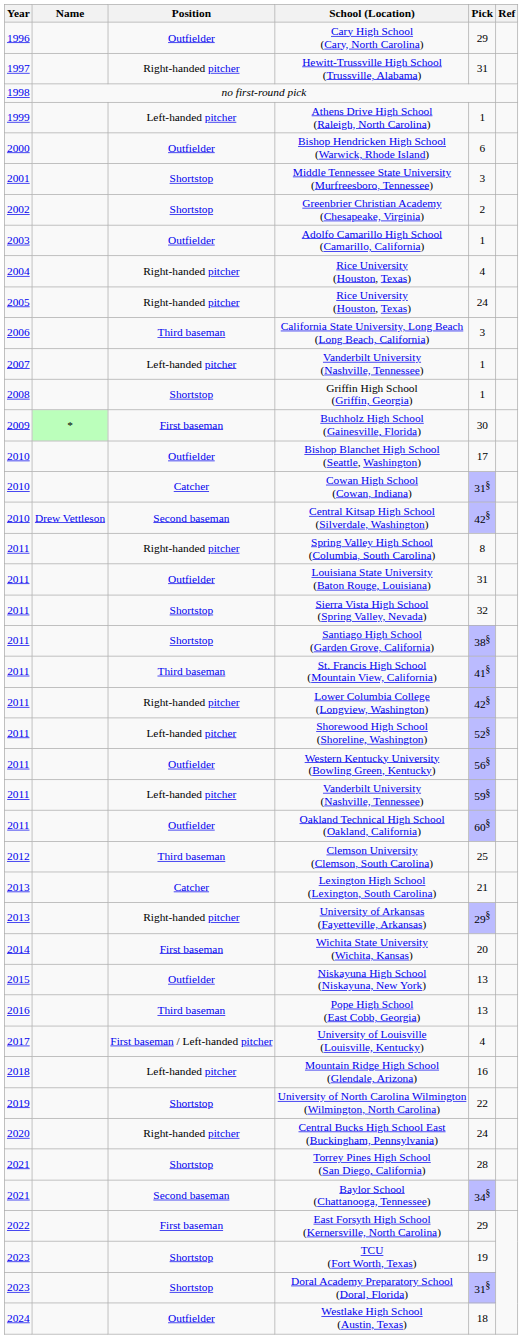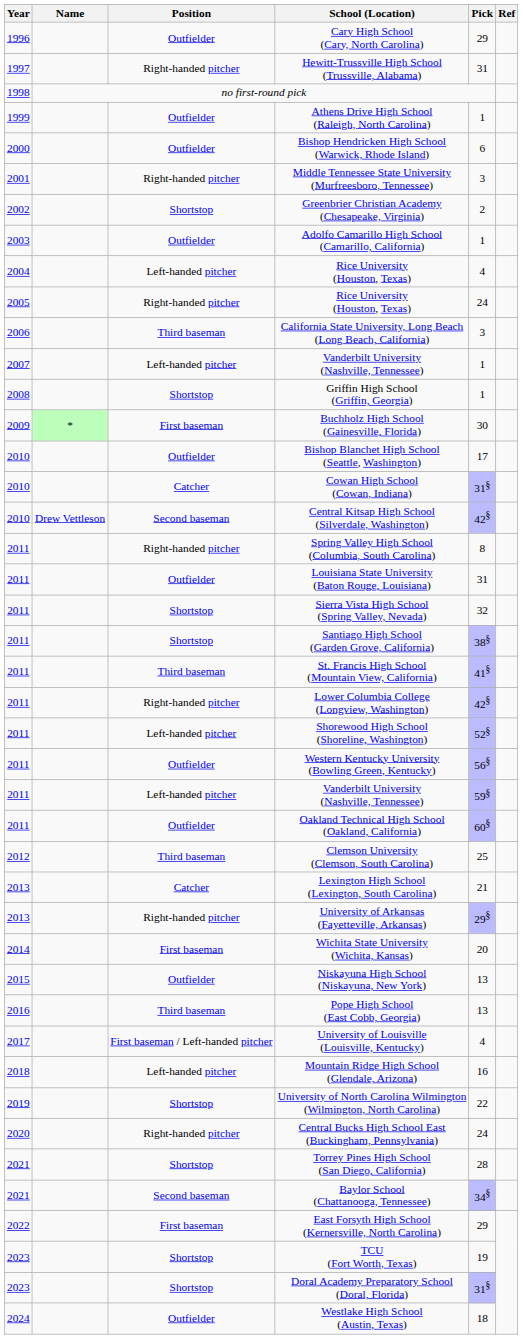 <table class="wikitable sortable" style="text-align:center;" border="1">
 <tr>
 <th>Year</th>
 <th>Name</th>
 <th>Position</th>
 <th class="unsortable">School (Location)</th>
 <th>Pick</th>
 <th class="unsortable">Ref</th>
 </tr>
 <tr>
 <td><a href='#'>1996</a></td>
 <td></td>
 <td><a href='#'>Outfielder</a></td>
 <td><a href='#'>Cary High School</a><br>(<a href='#'>Cary, North Carolina</a>)</td>
 <td>29</td>
 <td></td>
 </tr>
 <tr>
 <td><a href='#'>1997</a></td>
 <td></td>
 <td>Right-handed <a href='#'>pitcher</a></td>
 <td><a href='#'>Hewitt-Trussville High School</a><br>(<a href='#'>Trussville, Alabama</a>)</td>
 <td>31</td>
 <td></td>
 </tr>
 <tr>
 <td><a href='#'>1998</a></td>
 <td colspan="4"><em>no first-round pick</em></td>
 <td></td>
 </tr>
 <tr>
 <td><a href='#'>1999</a></td>
 <td></td>
-<td>Left-handed <a href='#'>pitcher</a></td>
+<td><a href='#'>Outfielder</a></td>
 <td><a href='#'>Athens Drive High School</a><br>(<a href='#'>Raleigh, North Carolina</a>)</td>
 <td>1</td>
 <td></td>
 </tr>
 <tr>
 <td><a href='#'>2000</a></td>
 <td></td>
 <td><a href='#'>Outfielder</a></td>
 <td><a href='#'>Bishop Hendricken High School</a><br>(<a href='#'>Warwick, Rhode Island</a>)</td>
 <td>6</td>
 <td></td>
 </tr>
 <tr>
 <td><a href='#'>2001</a></td>
 <td></td>
-<td><a href='#'>Shortstop</a></td>
+<td>Right-handed <a href='#'>pitcher</a></td>
 <td><a href='#'>Middle Tennessee State University</a><br>(<a href='#'>Murfreesboro, Tennessee</a>)</td>
 <td>3</td>
 <td></td>
 </tr>
 <tr>
 <td><a href='#'>2002</a></td>
 <td></td>
 <td><a href='#'>Shortstop</a></td>
 <td><a href='#'>Greenbrier Christian Academy</a><br>(<a href='#'>Chesapeake, Virginia</a>)</td>
 <td>2</td>
 <td></td>
 </tr>
 <tr>
 <td><a href='#'>2003</a></td>
 <td></td>
 <td><a href='#'>Outfielder</a></td>
 <td><a href='#'>Adolfo Camarillo High School</a><br>(<a href='#'>Camarillo, California</a>)</td>
 <td>1</td>
 <td></td>
 </tr>
 <tr>
 <td><a href='#'>2004</a></td>
 <td></td>
-<td>Right-handed <a href='#'>pitcher</a></td>
+<td>Left-handed <a href='#'>pitcher</a></td>
 <td><a href='#'>Rice University</a><br>(<a href='#'>Houston</a>, <a href='#'>Texas</a>)</td>
 <td>4</td>
 <td></td>
 </tr>
 <tr>
 <td><a href='#'>2005</a></td>
 <td></td>
 <td>Right-handed <a href='#'>pitcher</a></td>
 <td><a href='#'>Rice University</a><br>(<a href='#'>Houston</a>, <a href='#'>Texas</a>)</td>
 <td>24</td>
 <td></td>
 </tr>
 <tr>
 <td><a href='#'>2006</a></td>
 <td></td>
 <td><a href='#'>Third baseman</a></td>
 <td><a href='#'>California State University, Long Beach</a><br>(<a href='#'>Long Beach, California</a>)</td>
 <td>3</td>
 <td></td>
 </tr>
 <tr>
 <td><a href='#'>2007</a></td>
 <td></td>
 <td>Left-handed <a href='#'>pitcher</a></td>
 <td><a href='#'>Vanderbilt University</a><br>(<a href='#'>Nashville, Tennessee</a>)</td>
 <td>1</td>
 <td></td>
 </tr>
 <tr>
 <td><a href='#'>2008</a></td>
 <td></td>
 <td><a href='#'>Shortstop</a></td>
 <td>Griffin High School<br>(<a href='#'>Griffin, Georgia</a>)</td>
 <td>1</td>
 <td></td>
 </tr>
 <tr>
 <td><a href='#'>2009</a></td>
 <td bgcolor="#bbffbb">*</td>
 <td><a href='#'>First baseman</a></td>
 <td><a href='#'>Buchholz High School</a><br>(<a href='#'>Gainesville, Florida</a>)</td>
 <td>30</td>
 <td></td>
 </tr>
 <tr>
 <td><a href='#'>2010</a></td>
 <td></td>
 <td><a href='#'>Outfielder</a></td>
 <td><a href='#'>Bishop Blanchet High School</a><br>(<a href='#'>Seattle</a>, <a href='#'>Washington</a>)</td>
 <td>17</td>
 <td></td>
 </tr>
 <tr>
 <td><a href='#'>2010</a></td>
 <td></td>
 <td><a href='#'>Catcher</a></td>
 <td><a href='#'>Cowan High School</a><br>(<a href='#'>Cowan, Indiana</a>)</td>
 <td bgcolor="#bbbbff">31<sup>§</sup></td>
 <td></td>
 </tr>
 <tr>
 <td><a href='#'>2010</a></td>
 <td><a href='#'>Drew Vettleson</a></td>
 <td><a href='#'>Second baseman</a></td>
 <td><a href='#'>Central Kitsap High School</a><br>(<a href='#'>Silverdale, Washington</a>)</td>
 <td bgcolor="#bbbbff">42<sup>§</sup></td>
 <td></td>
 </tr>
 <tr>
 <td><a href='#'>2011</a></td>
 <td></td>
 <td>Right-handed <a href='#'>pitcher</a></td>
 <td><a href='#'>Spring Valley High School</a><br>(<a href='#'>Columbia, South Carolina</a>)</td>
 <td>8</td>
 <td></td>
 </tr>
 <tr>
 <td><a href='#'>2011</a></td>
 <td></td>
 <td><a href='#'>Outfielder</a></td>
 <td><a href='#'>Louisiana State University</a><br>(<a href='#'>Baton Rouge, Louisiana</a>)</td>
 <td>31</td>
 <td></td>
 </tr>
 <tr>
 <td><a href='#'>2011</a></td>
 <td></td>
 <td><a href='#'>Shortstop</a></td>
 <td><a href='#'>Sierra Vista High School</a><br>(<a href='#'>Spring Valley, Nevada</a>)</td>
 <td>32</td>
 <td></td>
 </tr>
 <tr>
 <td><a href='#'>2011</a></td>
 <td></td>
 <td><a href='#'>Shortstop</a></td>
 <td><a href='#'>Santiago High School</a><br>(<a href='#'>Garden Grove, California</a>)</td>
 <td bgcolor="#bbbbff">38<sup>§</sup></td>
 <td></td>
 </tr>
 <tr>
 <td><a href='#'>2011</a></td>
 <td></td>
 <td><a href='#'>Third baseman</a></td>
 <td><a href='#'>St. Francis High School</a><br>(<a href='#'>Mountain View, California</a>)</td>
 <td bgcolor="#bbbbff">41<sup>§</sup></td>
 <td></td>
 </tr>
 <tr>
 <td><a href='#'>2011</a></td>
 <td></td>
 <td>Right-handed <a href='#'>pitcher</a></td>
 <td><a href='#'>Lower Columbia College</a><br>(<a href='#'>Longview, Washington</a>)</td>
 <td bgcolor="#bbbbff">42<sup>§</sup></td>
 <td></td>
 </tr>
 <tr>
 <td><a href='#'>2011</a></td>
 <td></td>
 <td>Left-handed <a href='#'>pitcher</a></td>
 <td><a href='#'>Shorewood High School</a><br>(<a href='#'>Shoreline, Washington</a>)</td>
 <td bgcolor="#bbbbff">52<sup>§</sup></td>
 <td></td>
 </tr>
 <tr>
 <td><a href='#'>2011</a></td>
 <td></td>
 <td><a href='#'>Outfielder</a></td>
 <td><a href='#'>Western Kentucky University</a><br>(<a href='#'>Bowling Green, Kentucky</a>)</td>
 <td bgcolor="#bbbbff">56<sup>§</sup></td>
 <td></td>
 </tr>
 <tr>
 <td><a href='#'>2011</a></td>
 <td></td>
 <td>Left-handed <a href='#'>pitcher</a></td>
 <td><a href='#'>Vanderbilt University</a><br>(<a href='#'>Nashville, Tennessee</a>)</td>
 <td bgcolor="#bbbbff">59<sup>§</sup></td>
 <td></td>
 </tr>
 <tr>
 <td><a href='#'>2011</a></td>
 <td></td>
 <td><a href='#'>Outfielder</a></td>
 <td><a href='#'>Oakland Technical High School</a><br>(<a href='#'>Oakland, California</a>)</td>
 <td bgcolor="#bbbbff">60<sup>§</sup></td>
 <td></td>
 </tr>
 <tr>
 <td><a href='#'>2012</a></td>
 <td></td>
 <td><a href='#'>Third baseman</a></td>
 <td><a href='#'>Clemson University</a><br>(<a href='#'>Clemson, South Carolina</a>)</td>
 <td>25</td>
 <td></td>
 </tr>
 <tr>
 <td><a href='#'>2013</a></td>
 <td></td>
 <td><a href='#'>Catcher</a></td>
 <td><a href='#'>Lexington High School</a><br>(<a href='#'>Lexington, South Carolina</a>)</td>
 <td>21</td>
 <td></td>
 </tr>
 <tr>
 <td><a href='#'>2013</a></td>
 <td></td>
 <td>Right-handed <a href='#'>pitcher</a></td>
 <td><a href='#'>University of Arkansas</a><br>(<a href='#'>Fayetteville, Arkansas</a>)</td>
 <td bgcolor="#bbbbff">29<sup>§</sup></td>
 <td></td>
 </tr>
 <tr>
 <td><a href='#'>2014</a></td>
 <td></td>
 <td><a href='#'>First baseman</a></td>
 <td><a href='#'>Wichita State University</a><br>(<a href='#'>Wichita, Kansas</a>)</td>
 <td>20</td>
 <td></td>
 </tr>
 <tr>
 <td><a href='#'>2015</a></td>
 <td></td>
 <td><a href='#'>Outfielder</a></td>
 <td><a href='#'>Niskayuna High School</a><br>(<a href='#'>Niskayuna, New York</a>)</td>
 <td>13</td>
 <td></td>
 </tr>
 <tr>
 <td><a href='#'>2016</a></td>
 <td></td>
 <td><a href='#'>Third baseman</a></td>
 <td><a href='#'>Pope High School</a><br>(<a href='#'>East Cobb, Georgia</a>)</td>
 <td>13</td>
 <td></td>
 </tr>
 <tr>
 <td><a href='#'>2017</a></td>
 <td></td>
 <td><a href='#'>First baseman</a> / Left-handed <a href='#'>pitcher</a></td>
 <td><a href='#'>University of Louisville</a><br>(<a href='#'>Louisville, Kentucky</a>)</td>
 <td>4</td>
 <td></td>
 </tr>
 <tr>
 <td><a href='#'>2018</a></td>
 <td></td>
 <td>Left-handed <a href='#'>pitcher</a></td>
 <td><a href='#'>Mountain Ridge High School</a><br>(<a href='#'>Glendale, Arizona</a>)</td>
 <td>16</td>
 <td></td>
 </tr>
 <tr>
 <td><a href='#'>2019</a></td>
 <td></td>
 <td><a href='#'>Shortstop</a></td>
 <td><a href='#'>University of North Carolina Wilmington</a><br>(<a href='#'>Wilmington, North Carolina</a>)</td>
 <td>22</td>
 <td></td>
 </tr>
 <tr>
 <td><a href='#'>2020</a></td>
 <td></td>
 <td>Right-handed <a href='#'>pitcher</a></td>
 <td><a href='#'>Central Bucks High School East</a><br>(<a href='#'>Buckingham, Pennsylvania</a>)</td>
 <td>24</td>
 <td></td>
 </tr>
 <tr>
 <td><a href='#'>2021</a></td>
 <td></td>
 <td><a href='#'>Shortstop</a></td>
 <td><a href='#'>Torrey Pines High School</a><br>(<a href='#'>San Diego, California</a>)</td>
 <td>28</td>
 <td></td>
 </tr>
 <tr>
 <td><a href='#'>2021</a></td>
 <td></td>
 <td><a href='#'>Second baseman</a></td>
 <td><a href='#'>Baylor School</a><br>(<a href='#'>Chattanooga, Tennessee</a>)</td>
 <td bgcolor="#bbbbff">34<sup>§</sup></td>
 <td></td>
 </tr>
 <tr>
 <td><a href='#'>2022</a></td>
 <td></td>
 <td><a href='#'>First baseman</a></td>
 <td><a href='#'>East Forsyth High School</a><br>(<a href='#'>Kernersville, North Carolina</a>)</td>
 <td>29</td>
 </tr>
 <tr>
 <td><a href='#'>2023</a></td>
 <td></td>
 <td><a href='#'>Shortstop</a></td>
 <td><a href='#'>TCU</a><br>(<a href='#'>Fort Worth, Texas</a>)</td>
 <td>19</td>
 </tr>
 <tr>
 <td><a href='#'>2023</a></td>
 <td></td>
 <td><a href='#'>Shortstop</a></td>
 <td><a href='#'>Doral Academy Preparatory School</a><br>(<a href='#'>Doral, Florida</a>)</td>
 <td bgcolor="#bbbbff">31<sup>§</sup></td>
 </tr>
 <tr>
 <td><a href='#'>2024</a></td>
 <td></td>
 <td><a href='#'>Outfielder</a></td>
 <td><a href='#'>Westlake High School</a><br>(<a href='#'>Austin, Texas</a>)</td>
 <td>18</td>
 </tr>
 </table>
